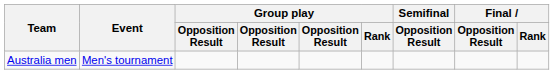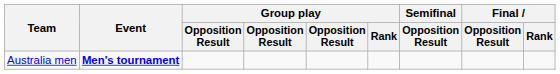 <table class=wikitable style=font-size:90%;text-align:center>
 <tr>
 <th rowspan=2>Team</th>
 <th rowspan=2>Event</th>
 <th colspan=4>Group play</th>
 <th>Semifinal</th>
 <th colspan=2>Final / </th>
 </tr>
 <tr style=font-size:95%>
 <th>Opposition<br>Result</th>
 <th>Opposition<br>Result</th>
 <th>Opposition<br>Result</th>
 <th>Rank</th>
 <th>Opposition<br>Result</th>
 <th>Opposition<br>Result</th>
 <th>Rank</th>
 </tr>
 <tr>
 <td align=left><a href='#'>Australia men</a></td>
-<td align=left><a href='#'>Men's tournament</a></td>
+<td align=left><strong><a href='#'>Men's tournament</a></strong></td>
 <td></td>
 <td></td>
 <td></td>
 <td></td>
 <td></td>
 <td></td>
 <td></td>
 </tr>
 </table>
